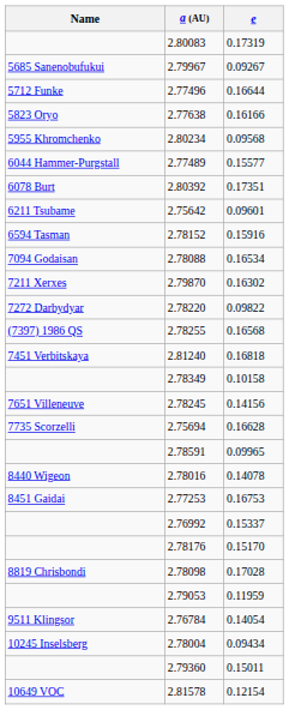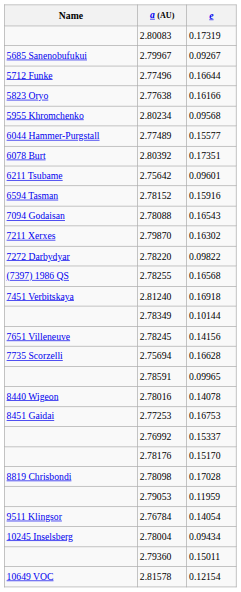 <table class="wikitable" style="font-size: 89%; float: left; width: 24em; margin-right: 1em; line-height: 1.6em !important;">
 <tr>
 <th>Name</th>
 <th><em><a href='#'>a</a></em> <small>(AU)</small></th>
 <th><em><a href='#'>e</a></em></th>
 </tr>
 <tr>
 <td></td>
 <td>2.80083</td>
 <td>0.17319</td>
 </tr>
 <tr>
 <td><a href='#'>5685 Sanenobufukui</a></td>
 <td>2.79967</td>
 <td>0.09267</td>
 </tr>
 <tr>
 <td><a href='#'>5712 Funke</a></td>
 <td>2.77496</td>
 <td>0.16644</td>
 </tr>
 <tr>
 <td><a href='#'>5823 Oryo</a></td>
 <td>2.77638</td>
 <td>0.16166</td>
 </tr>
 <tr>
 <td><a href='#'>5955 Khromchenko</a></td>
 <td>2.80234</td>
 <td>0.09568</td>
 </tr>
 <tr>
 <td><a href='#'>6044 Hammer-Purgstall</a></td>
 <td>2.77489</td>
 <td>0.15577</td>
 </tr>
 <tr>
 <td><a href='#'>6078 Burt</a></td>
 <td>2.80392</td>
 <td>0.17351</td>
 </tr>
 <tr>
 <td><a href='#'>6211 Tsubame</a></td>
 <td>2.75642</td>
 <td>0.09601</td>
 </tr>
 <tr>
 <td><a href='#'>6594 Tasman</a></td>
 <td>2.78152</td>
 <td>0.15916</td>
 </tr>
 <tr>
 <td><a href='#'>7094 Godaisan</a></td>
 <td>2.78088</td>
-<td>0.16534</td>
+<td>0.16543</td>
 </tr>
 <tr>
 <td><a href='#'>7211 Xerxes</a></td>
 <td>2.79870</td>
 <td>0.16302</td>
 </tr>
 <tr>
 <td><a href='#'>7272 Darbydyar</a></td>
 <td>2.78220</td>
 <td>0.09822</td>
 </tr>
 <tr>
 <td><a href='#'>(7397) 1986 QS</a></td>
 <td>2.78255</td>
 <td>0.16568</td>
 </tr>
 <tr>
 <td><a href='#'>7451 Verbitskaya</a></td>
 <td>2.81240</td>
-<td>0.16818</td>
+<td>0.16918</td>
 </tr>
 <tr>
 <td></td>
 <td>2.78349</td>
-<td>0.10158</td>
+<td>0.10144</td>
 </tr>
 <tr>
 <td><a href='#'>7651 Villeneuve</a></td>
 <td>2.78245</td>
 <td>0.14156</td>
 </tr>
 <tr>
 <td><a href='#'>7735 Scorzelli</a></td>
 <td>2.75694</td>
 <td>0.16628</td>
 </tr>
 <tr>
 <td></td>
 <td>2.78591</td>
 <td>0.09965</td>
 </tr>
 <tr>
 <td><a href='#'>8440 Wigeon</a></td>
 <td>2.78016</td>
 <td>0.14078</td>
 </tr>
 <tr>
 <td><a href='#'>8451 Gaidai</a></td>
 <td>2.77253</td>
 <td>0.16753</td>
 </tr>
 <tr>
 <td></td>
 <td>2.76992</td>
 <td>0.15337</td>
 </tr>
 <tr>
 <td></td>
 <td>2.78176</td>
 <td>0.15170</td>
 </tr>
 <tr>
 <td><a href='#'>8819 Chrisbondi</a></td>
 <td>2.78098</td>
 <td>0.17028</td>
 </tr>
 <tr>
 <td></td>
 <td>2.79053</td>
 <td>0.11959</td>
 </tr>
 <tr>
 <td><a href='#'>9511 Klingsor</a></td>
 <td>2.76784</td>
 <td>0.14054</td>
 </tr>
 <tr>
 <td><a href='#'>10245 Inselsberg</a></td>
 <td>2.78004</td>
 <td>0.09434</td>
 </tr>
 <tr>
 <td></td>
 <td>2.79360</td>
 <td>0.15011</td>
 </tr>
 <tr>
 <td><a href='#'>10649 VOC</a></td>
 <td>2.81578</td>
 <td>0.12154</td>
 </tr>
 </table>
